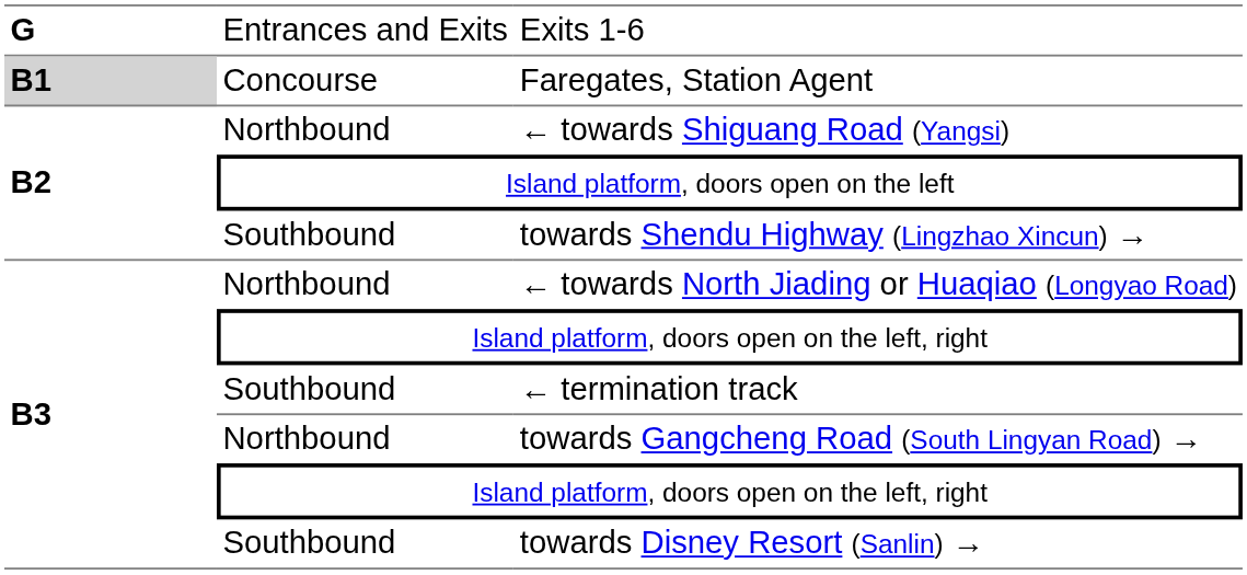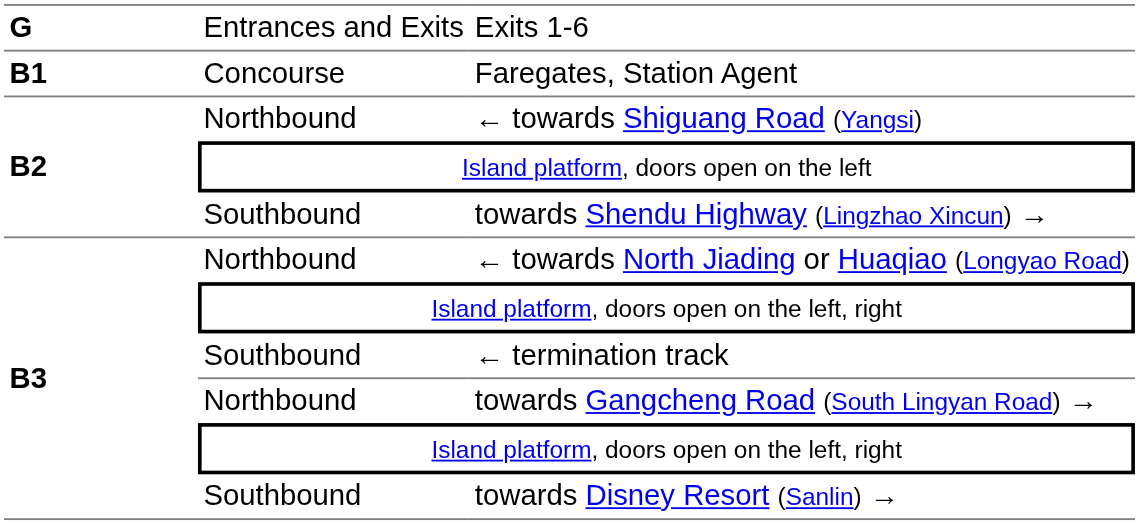 <table cellspacing=0 cellpadding=3>
 <tr>
 <td style="border-top:solid 1px gray;border-bottom:solid 1px gray;" width=100><strong>G</strong></td>
 <td style="border-top:solid 1px gray;border-bottom:solid 1px gray;">Entrances and Exits</td>
 <td style="border-top:solid 1px gray;border-bottom:solid 1px gray;">Exits 1-6</td>
 </tr>
 <tr>
-<td style="background: lightgrey; border-bottom:solid 1px gray;"><strong>B1</strong></td>
+<td style="border-bottom:solid 1px gray;"><strong>B1</strong></td>
 <td style="border-bottom:solid 1px gray;">Concourse</td>
 <td style="border-bottom:solid 1px gray;">Faregates, Station Agent</td>
 </tr>
 <tr>
 <td style="border-bottom:solid 1px gray;" rowspan=3><strong>B2</strong></td>
 <td>Northbound</td>
 <td>←  towards <a href='#'>Shiguang Road</a> <small>(<a href='#'>Yangsi</a>)</small></td>
 </tr>
 <tr>
 <td style="border-right:solid 2px black;border-left:solid 2px black;border-top:solid 2px black;border-bottom:solid 2px black;text-align:center;" colspan=2><small><a href='#'>Island platform</a>, doors open on the left</small></td>
 </tr>
 <tr>
 <td style="border-bottom:solid 1px gray;">Southbound</td>
 <td style="border-bottom:solid 1px gray;">  towards <a href='#'>Shendu Highway</a> <small>(<a href='#'>Lingzhao Xincun</a>)</small> →</td>
 </tr>
 <tr>
 <td style="border-bottom:solid 1px gray;" rowspan=6><strong>B3</strong></td>
 <td>Northbound</td>
 <td>←  towards <a href='#'>North Jiading</a> or <a href='#'>Huaqiao</a> <small>(<a href='#'>Longyao Road</a>)</small></td>
 </tr>
 <tr>
 <td style="border-right:solid 2px black;border-left:solid 2px black;border-top:solid 2px black;border-bottom:solid 2px black;text-align:center;" colspan=2><small><a href='#'>Island platform</a>, doors open on the left, right</small></td>
 </tr>
 <tr>
 <td style="border-bottom:solid 1px gray;">Southbound</td>
 <td style="border-bottom:solid 1px gray;">←  termination track</td>
 </tr>
 <tr>
 <td>Northbound</td>
 <td>  towards <a href='#'>Gangcheng Road</a> <small>(<a href='#'>South Lingyan Road</a>)</small> →</td>
 </tr>
 <tr>
 <td style="border-right:solid 2px black;border-left:solid 2px black;border-top:solid 2px black;border-bottom:solid 2px black;text-align:center;" colspan=2><small><a href='#'>Island platform</a>, doors open on the left, right</small></td>
 </tr>
 <tr>
 <td style="border-bottom:solid 1px gray;">Southbound</td>
 <td style="border-bottom:solid 1px gray;">  towards <a href='#'>Disney Resort</a> <small>(<a href='#'>Sanlin</a>)</small> →</td>
 </tr>
 </table>
